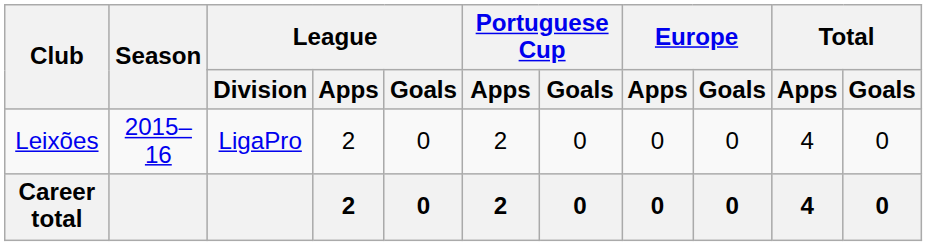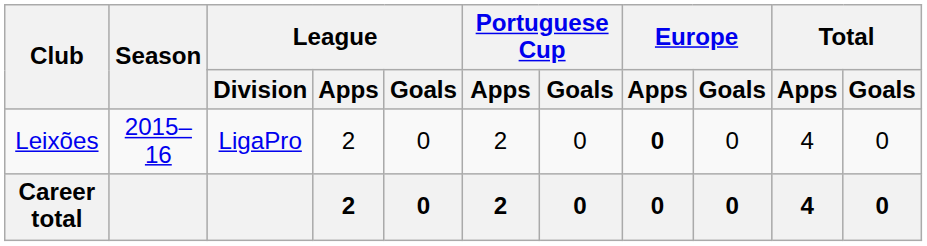 <table class="wikitable" style="text-align:center">
 <tr>
 <th rowspan=2>Club</th>
 <th rowspan=2>Season</th>
 <th colspan=3>League</th>
 <th colspan=2><a href='#'>Portuguese Cup</a></th>
 <th colspan=2><a href='#'>Europe</a></th>
 <th colspan=2>Total</th>
 </tr>
 <tr>
 <th>Division</th>
 <th>Apps</th>
 <th>Goals</th>
 <th>Apps</th>
 <th>Goals</th>
 <th>Apps</th>
 <th>Goals</th>
 <th>Apps</th>
 <th>Goals</th>
 </tr>
 <tr>
 <td><a href='#'>Leixões</a></td>
 <td><a href='#'>2015–16</a></td>
 <td><a href='#'>LigaPro</a></td>
 <td>2</td>
 <td>0</td>
 <td>2</td>
 <td>0</td>
-<td>0</td>
+<td><strong>0</strong></td>
 <td>0</td>
 <td>4</td>
 <td>0</td>
 </tr>
 <tr>
 <th>Career total</th>
 <th></th>
 <th></th>
 <th>2</th>
 <th>0</th>
 <th>2</th>
 <th>0</th>
 <th>0</th>
 <th>0</th>
 <th>4</th>
 <th>0</th>
 </tr>
 </table>
